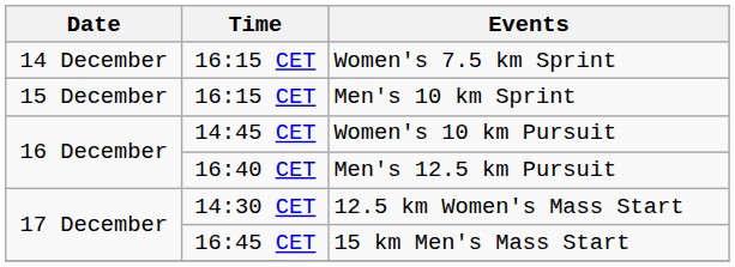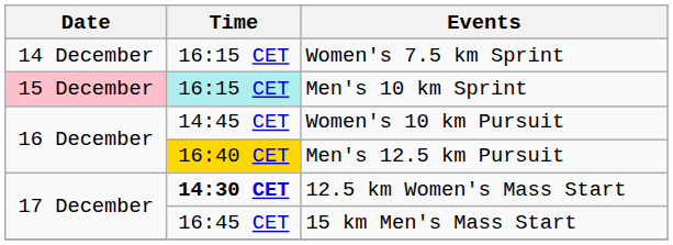 <table class="wikitable" style="text-align: center" width="420">
 <tr>
 <th>Date</th>
 <th>Time</th>
 <th>Events</th>
 </tr>
 <tr>
 <td>14 December</td>
 <td>16:15 <a href='#'>CET</a></td>
 <td style="text-align: left">Women's 7.5 km Sprint</td>
 </tr>
 <tr>
-<td>15 December</td>
-<td>16:15 <a href='#'>CET</a></td>
+<td style="background: pink;">15 December</td>
+<td style="background: paleturquoise;">16:15 <a href='#'>CET</a></td>
 <td style="text-align: left">Men's 10 km Sprint</td>
 </tr>
 <tr>
 <td rowspan=2>16 December</td>
 <td>14:45 <a href='#'>CET</a></td>
 <td style="text-align: left">Women's 10 km Pursuit</td>
 </tr>
 <tr>
-<td>16:40 <a href='#'>CET</a></td>
+<td style="background: gold;">16:40 <a href='#'>CET</a></td>
 <td style="text-align: left">Men's 12.5 km Pursuit</td>
 </tr>
 <tr>
 <td rowspan=2>17 December</td>
-<td>14:30 <a href='#'>CET</a></td>
+<td><strong>14:30 <a href='#'>CET</a></strong></td>
 <td style="text-align: left">12.5 km Women's Mass Start</td>
 </tr>
 <tr>
 <td>16:45 <a href='#'>CET</a></td>
 <td style="text-align: left">15 km Men's Mass Start</td>
 </tr>
 <tr>
 </tr>
 </table>
